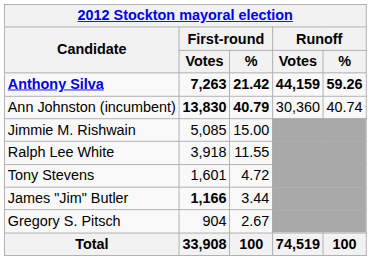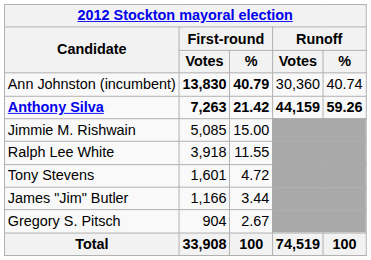 <table class=wikitable>
 <tr>
 <th colspan=5><a href='#'>2012 Stockton mayoral election</a></th>
 </tr>
 <tr>
 <th colspan=1 rowspan=2><strong>Candidate</strong></th>
 <th colspan=2><strong>First-round</strong></th>
 <th colspan=2><strong>Runoff</strong></th>
 </tr>
 <tr>
 <th>Votes</th>
 <th>%</th>
 <th>Votes</th>
 <th>%</th>
 </tr>
 <tr>
+<td>Ann Johnston (incumbent)</td>
+<td align="right"><strong>13,830</strong></td>
+<td align="right"><strong>40.79</strong></td>
+<td align="right">30,360</td>
+<td align="right">40.74</td>
+</tr>
+<tr>
 <td><strong><a href='#'>Anthony Silva</a></strong></td>
 <td align="right"><strong>7,263</strong></td>
 <td align="right"><strong>21.42</strong></td>
 <td align="right"><strong>44,159</strong></td>
 <td align="right"><strong>59.26</strong></td>
-</tr>
-<tr>
-<td>Ann Johnston (incumbent)</td>
-<td align="right"><strong>13,830</strong></td>
-<td align="right"><strong>40.79</strong></td>
-<td align="right">30,360</td>
-<td align="right">40.74</td>
 </tr>
 <tr>
 <td>Jimmie M. Rishwain</td>
 <td align="right">5,085</td>
 <td align="right">15.00</td>
 <td colspan=2 bgcolor=darkgray></td>
 </tr>
 <tr>
 <td>Ralph Lee White</td>
 <td align="right">3,918</td>
 <td align="right">11.55</td>
 <td colspan=2 bgcolor=darkgray></td>
 </tr>
 <tr>
 <td>Tony Stevens</td>
 <td align="right">1,601</td>
 <td align="right">4.72</td>
 <td colspan=2 bgcolor=darkgray></td>
 </tr>
 <tr>
 <td>James "Jim" Butler</td>
-<td align="right"><strong>1,166</strong></td>
+<td align="right">1,166</td>
 <td align="right">3.44</td>
 <td colspan=2 bgcolor=darkgray></td>
 </tr>
 <tr>
 <td>Gregory S. Pitsch</td>
 <td align="right">904</td>
 <td align="right">2.67</td>
 <td colspan=2 bgcolor=darkgray></td>
 </tr>
 <tr>
 <th>Total</th>
 <th>33,908</th>
 <th>100</th>
 <th>74,519</th>
 <th>100</th>
 </tr>
 </table>
